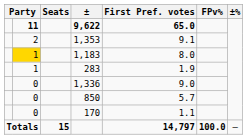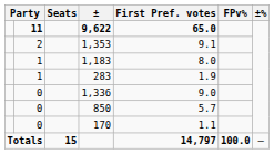 <table class=wikitable>
 <tr>
 <th colspan=2 align=center>Party</th>
 <th valign=top>Seats</th>
 <th valign=top>±</th>
 <th valign=top>First Pref. votes</th>
 <th valign=top>FPv%</th>
 <th valign=top>±%</th>
 </tr>
 <tr>
 <td></td>
 <td align=right><strong>11</strong></td>
 <td align=right></td>
 <td align=right><strong>9,622</strong></td>
 <td align=right><strong>65.0</strong></td>
 <td align=right></td>
 </tr>
 <tr>
 <td></td>
 <td align=right>2</td>
 <td align=right></td>
 <td align=right>1,353</td>
 <td align=right>9.1</td>
 <td align=right></td>
 </tr>
 <tr>
 <td></td>
-<td align=right style="background: gold;">1</td>
+<td align=right>1</td>
 <td align=right></td>
 <td align=right>1,183</td>
 <td align=right>8.0</td>
 <td align=right></td>
 </tr>
 <tr>
 <td></td>
 <td align=right>1</td>
 <td align=right></td>
 <td align=right>283</td>
 <td align=right>1.9</td>
 <td align=right></td>
 </tr>
 <tr>
 <td></td>
 <td align=right>0</td>
 <td align=right></td>
 <td align=right>1,336</td>
 <td align=right>9.0</td>
 <td align=right></td>
 </tr>
 <tr>
 <td></td>
 <td align=right>0</td>
 <td align=right></td>
 <td align=right>850</td>
 <td align=right>5.7</td>
 <td align=right></td>
 </tr>
 <tr>
 <td></td>
 <td align=right>0</td>
 <td align=right></td>
 <td align=right>170</td>
 <td align=right>1.1</td>
 <td align=right></td>
 </tr>
 <tr>
 <td colspan=2 align=center><strong>Totals</strong></td>
 <td align=right><strong>15</strong></td>
 <td align=center></td>
 <td align=right><strong>14,797</strong></td>
 <td align=center><strong>100.0</strong></td>
 <td align=center>—</td>
 </tr>
 </table>
